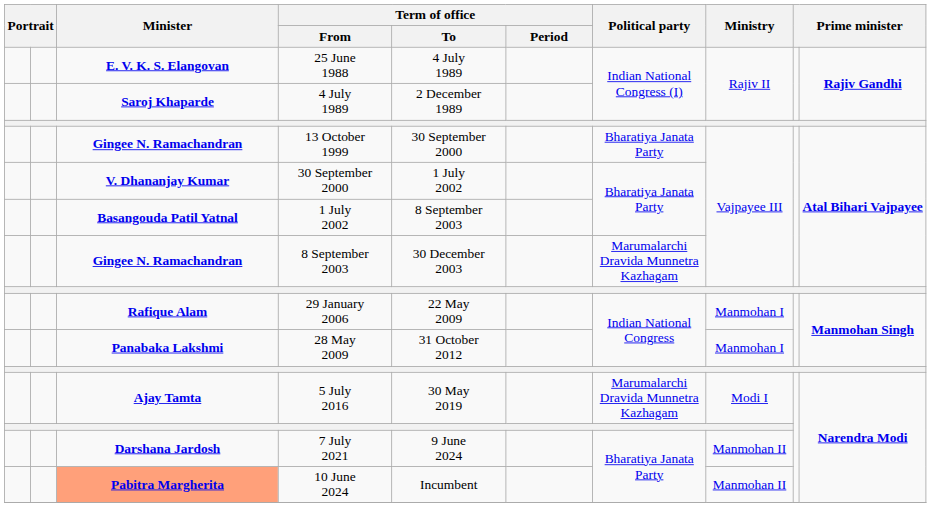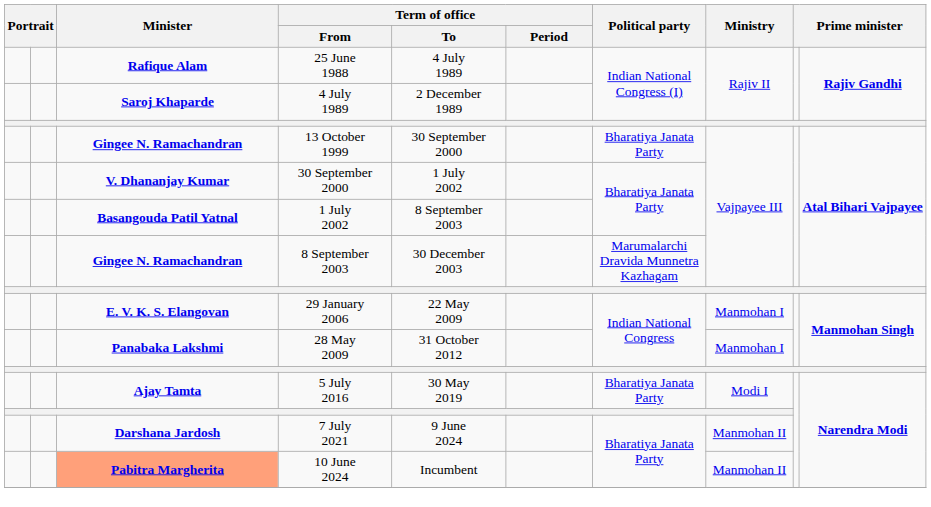 <table class="wikitable" style="text-align:center">
 <tr>
 <th rowspan="2" colspan="2">Portrait</th>
 <th rowspan="2" style="width:16em">Minister<br></th>
 <th colspan="3">Term of office</th>
 <th rowspan="2" style="width:8em">Political party</th>
 <th rowspan="2" style="width:6em">Ministry</th>
 <th rowspan="2" colspan="2">Prime minister</th>
 </tr>
 <tr>
 <th style="width:8em">From</th>
 <th style="width:8em">To</th>
 <th style="width:6em">Period</th>
 </tr>
 <tr>
 <td></td>
 <td></td>
-<td><strong><a href='#'>E. V. K. S. Elangovan</a></strong><br></td>
+<td><strong><a href='#'>Rafique Alam</a></strong><br></td>
 <td>25 June<br>1988</td>
 <td>4 July<br>1989</td>
 <td><strong></strong></td>
 <td rowspan="2"><a href='#'>Indian National Congress (I)</a></td>
 <td rowspan="2"><a href='#'>Rajiv II</a></td>
 <td rowspan="2"></td>
 <td rowspan="2" style="width:9em"><strong><a href='#'>Rajiv Gandhi</a></strong></td>
 </tr>
 <tr>
 <td></td>
 <td></td>
 <td><strong><a href='#'>Saroj Khaparde</a></strong><br></td>
 <td>4 July<br>1989</td>
 <td>2 December<br>1989</td>
 <td><strong></strong></td>
 </tr>
 <tr>
 <th colspan="10"></th>
 </tr>
 <tr>
 <td></td>
 <td></td>
 <td><strong><a href='#'>Gingee N. Ramachandran</a></strong><br></td>
 <td>13 October<br>1999</td>
 <td>30 September<br>2000</td>
 <td><strong></strong></td>
 <td><a href='#'>Bharatiya Janata Party</a></td>
 <td rowspan="4"><a href='#'>Vajpayee III</a></td>
 <td rowspan="4"></td>
 <td rowspan="4"><strong><a href='#'>Atal Bihari Vajpayee</a></strong></td>
 </tr>
 <tr>
 <td></td>
 <td></td>
 <td><strong><a href='#'>V. Dhananjay Kumar</a></strong><br></td>
 <td>30 September<br>2000</td>
 <td>1 July<br>2002</td>
 <td><strong></strong></td>
 <td rowspan="2"><a href='#'>Bharatiya Janata Party</a></td>
 </tr>
 <tr>
 <td></td>
 <td></td>
 <td><strong><a href='#'>Basangouda Patil Yatnal</a></strong><br></td>
 <td>1 July<br>2002</td>
 <td>8 September<br>2003</td>
 <td><strong></strong></td>
 </tr>
 <tr>
 <td></td>
 <td></td>
 <td><strong><a href='#'>Gingee N. Ramachandran</a></strong><br></td>
 <td>8 September<br>2003</td>
 <td>30 December<br>2003</td>
 <td><strong></strong></td>
 <td><a href='#'>Marumalarchi Dravida Munnetra Kazhagam</a></td>
 </tr>
 <tr>
 <th colspan="10"></th>
 </tr>
 <tr>
 <td></td>
 <td></td>
-<td><strong><a href='#'>Rafique Alam</a></strong><br></td>
+<td><strong><a href='#'>E. V. K. S. Elangovan</a></strong><br></td>
 <td>29 January<br>2006</td>
 <td>22 May<br>2009</td>
 <td><strong></strong></td>
 <td rowspan="2"><a href='#'>Indian National Congress</a></td>
 <td><a href='#'>Manmohan I</a></td>
 <td rowspan="2"></td>
 <td rowspan="2"><strong><a href='#'>Manmohan Singh</a></strong></td>
 </tr>
 <tr>
 <td></td>
 <td></td>
 <td><strong><a href='#'>Panabaka Lakshmi</a></strong><br></td>
 <td>28 May<br>2009</td>
 <td>31 October<br>2012</td>
 <td><strong></strong></td>
 <td><a href='#'>Manmohan I</a></td>
 </tr>
 <tr>
 <th colspan="10"></th>
 </tr>
 <tr>
 <td></td>
 <td></td>
 <td><strong><a href='#'>Ajay Tamta</a></strong><br></td>
 <td>5 July<br>2016</td>
 <td>30 May<br>2019</td>
 <td><strong></strong></td>
-<td><a href='#'>Marumalarchi Dravida Munnetra Kazhagam</a></td>
+<td><a href='#'>Bharatiya Janata Party</a></td>
 <td><a href='#'>Modi I</a></td>
 <td rowspan="4"></td>
 <td rowspan="4"><strong><a href='#'>Narendra Modi</a></strong></td>
 </tr>
 <tr>
 <th colspan="8"></th>
 </tr>
 <tr>
 <td></td>
 <td></td>
 <td><strong><a href='#'>Darshana Jardosh</a></strong><br></td>
 <td>7 July<br>2021</td>
 <td>9 June<br>2024</td>
 <td><strong></strong></td>
 <td rowspan="2"><a href='#'>Bharatiya Janata Party</a></td>
 <td><a href='#'>Manmohan II</a></td>
 </tr>
 <tr>
 <td></td>
 <td></td>
 <td style="background: lightsalmon;"><strong><a href='#'>Pabitra Margherita</a></strong><br></td>
 <td>10 June<br>2024</td>
 <td>Incumbent</td>
 <td><strong></strong></td>
 <td><a href='#'>Manmohan II</a></td>
 </tr>
 <tr>
 </tr>
 </table>
